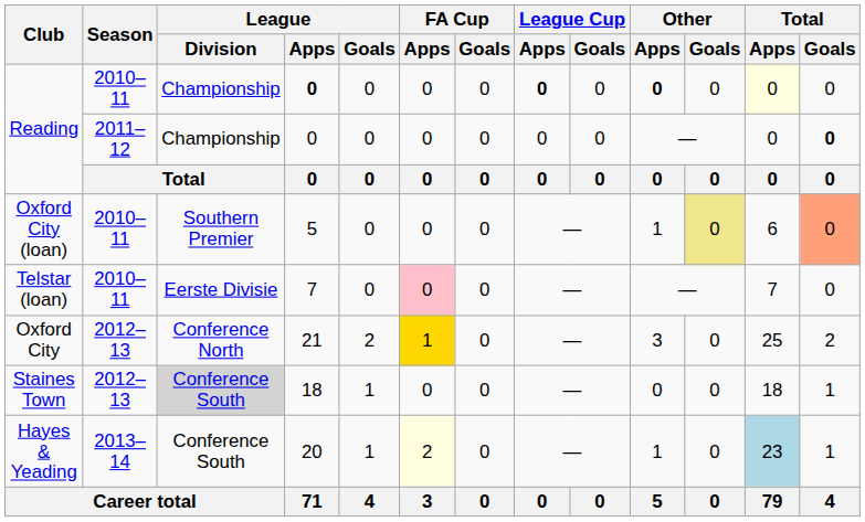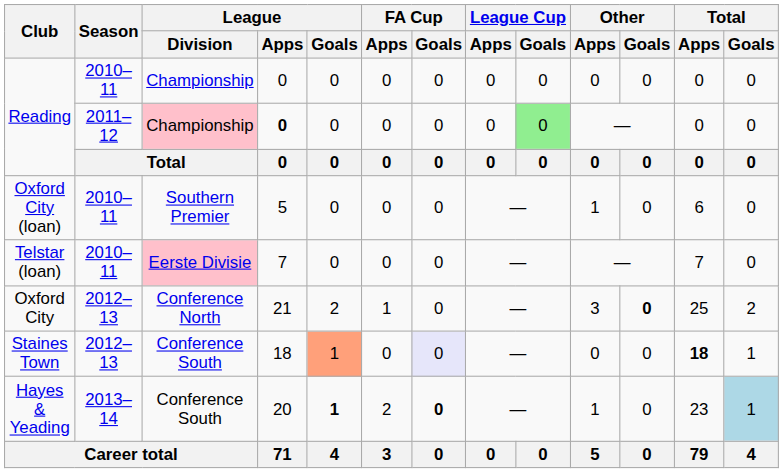 <table class="wikitable" style="text-align:center">
 <tr>
 <th rowspan=2>Club</th>
 <th rowspan=2>Season</th>
 <th colspan=3>League</th>
 <th colspan=2>FA Cup</th>
 <th colspan=2><a href='#'>League Cup</a></th>
 <th colspan=2>Other</th>
 <th colspan=2>Total</th>
 </tr>
 <tr>
 <th>Division</th>
 <th>Apps</th>
 <th>Goals</th>
 <th>Apps</th>
 <th>Goals</th>
 <th>Apps</th>
 <th>Goals</th>
 <th>Apps</th>
 <th>Goals</th>
 <th>Apps</th>
 <th>Goals</th>
 </tr>
 <tr>
 <td rowspan=3><a href='#'>Reading</a></td>
 <td><a href='#'>2010–11</a></td>
 <td><a href='#'>Championship</a></td>
-<td><strong>0</strong></td>
-<td>0</td>
-<td>0</td>
-<td>0</td>
-<td><strong>0</strong></td>
-<td>0</td>
-<td><strong>0</strong></td>
-<td>0</td>
-<td style="background: lightyellow;">0</td>
-<td>0</td>
-</tr>
-<tr>
-<td><a href='#'>2011–12</a></td>
-<td>Championship</td>
 <td>0</td>
 <td>0</td>
 <td>0</td>
 <td>0</td>
 <td>0</td>
 <td>0</td>
+<td>0</td>
+<td>0</td>
+<td>0</td>
+<td>0</td>
+</tr>
+<tr>
+<td><a href='#'>2011–12</a></td>
+<td style="background: pink;">Championship</td>
+<td><strong>0</strong></td>
+<td>0</td>
+<td>0</td>
+<td>0</td>
+<td>0</td>
+<td style="background: lightgreen;">0</td>
 <td colspan=2>—</td>
 <td>0</td>
-<td><strong>0</strong></td>
+<td>0</td>
 </tr>
 <tr>
 <th colspan=2>Total</th>
 <th>0</th>
 <th>0</th>
 <th>0</th>
 <th>0</th>
 <th>0</th>
 <th>0</th>
 <th>0</th>
 <th>0</th>
 <th>0</th>
 <th>0</th>
 </tr>
 <tr>
 <td><a href='#'>Oxford City</a> (loan)</td>
 <td><a href='#'>2010–11</a></td>
 <td><a href='#'>Southern Premier</a></td>
 <td>5</td>
 <td>0</td>
 <td>0</td>
 <td>0</td>
 <td colspan=2>—</td>
 <td>1</td>
-<td style="background: khaki;">0</td>
+<td>0</td>
 <td>6</td>
-<td style="background: lightsalmon;">0</td>
+<td>0</td>
 </tr>
 <tr>
 <td><a href='#'>Telstar</a> (loan)</td>
 <td><a href='#'>2010–11</a></td>
-<td><a href='#'>Eerste Divisie</a></td>
+<td style="background: pink;"><a href='#'>Eerste Divisie</a></td>
 <td>7</td>
 <td>0</td>
-<td style="background: pink;">0</td>
+<td>0</td>
 <td>0</td>
 <td colspan=2>—</td>
 <td colspan=2>—</td>
 <td>7</td>
 <td>0</td>
 </tr>
 <tr>
 <td>Oxford City</td>
 <td><a href='#'>2012–13</a></td>
 <td><a href='#'>Conference North</a></td>
 <td>21</td>
 <td>2</td>
-<td style="background: gold;">1</td>
+<td>1</td>
 <td>0</td>
 <td colspan=2>—</td>
 <td>3</td>
-<td>0</td>
+<td><strong>0</strong></td>
 <td>25</td>
 <td>2</td>
 </tr>
 <tr>
 <td><a href='#'>Staines Town</a></td>
 <td><a href='#'>2012–13</a></td>
-<td style="background: lightgrey;"><a href='#'>Conference South</a></td>
+<td><a href='#'>Conference South</a></td>
 <td>18</td>
-<td>1</td>
+<td style="background: lightsalmon;">1</td>
 <td>0</td>
-<td>0</td>
+<td style="background: lavender;">0</td>
 <td colspan=2>—</td>
 <td>0</td>
 <td>0</td>
-<td>18</td>
+<td><strong>18</strong></td>
 <td>1</td>
 </tr>
 <tr>
 <td><a href='#'>Hayes & Yeading</a></td>
 <td><a href='#'>2013–14</a></td>
 <td>Conference South</td>
 <td>20</td>
-<td>1</td>
-<td style="background: lightyellow;">2</td>
-<td>0</td>
+<td><strong>1</strong></td>
+<td>2</td>
+<td><strong>0</strong></td>
 <td colspan=2>—</td>
 <td>1</td>
 <td>0</td>
-<td style="background: lightblue;">23</td>
-<td>1</td>
+<td>23</td>
+<td style="background: lightblue;">1</td>
 </tr>
 <tr>
 <th colspan=3>Career total</th>
 <th>71</th>
 <th>4</th>
 <th>3</th>
 <th>0</th>
 <th>0</th>
 <th>0</th>
 <th>5</th>
 <th>0</th>
 <th>79</th>
 <th>4</th>
 </tr>
 </table>
